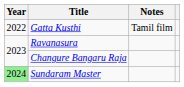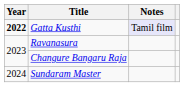 <table class="wikitable sortable">
 <tr>
 <th scope="col">Year</th>
 <th scope="col">Title</th>
 <th scope="col" class="unsortable">Notes</th>
 <th scope="col" class="unsortable"></th>
 </tr>
 <tr>
-<td>2022</td>
+<td><strong>2022</strong></td>
 <td><em><a href='#'>Gatta Kusthi</a></em></td>
-<td>Tamil film</td>
+<td style="background: lavender;">Tamil film</td>
 <td></td>
 </tr>
 <tr>
 <td rowspan="2">2023</td>
 <td><em><a href='#'>Ravanasura</a></em></td>
 <td></td>
 <td></td>
 </tr>
 <tr>
 <td><em><a href='#'>Changure Bangaru Raja</a></em></td>
 <td></td>
 <td></td>
 </tr>
 <tr>
-<td style="background: lightgreen;">2024</td>
+<td>2024</td>
 <td><em><a href='#'>Sundaram Master</a></em></td>
 <td></td>
 <td></td>
 </tr>
 </table>
